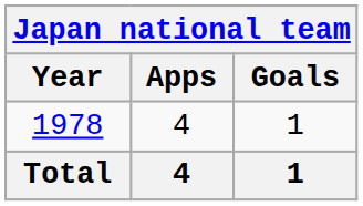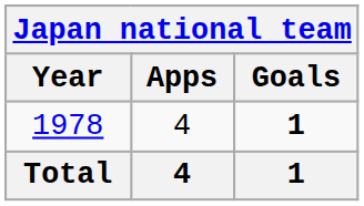 <table class="wikitable" style="text-align:center">
 <tr>
 <th colspan=3><a href='#'>Japan national team</a></th>
 </tr>
 <tr>
 <th>Year</th>
 <th>Apps</th>
 <th>Goals</th>
 </tr>
 <tr>
 <td><a href='#'>1978</a></td>
 <td>4</td>
-<td>1</td>
+<td><strong>1</strong></td>
 </tr>
 <tr>
 <th>Total</th>
 <th>4</th>
 <th>1</th>
 </tr>
 </table>
